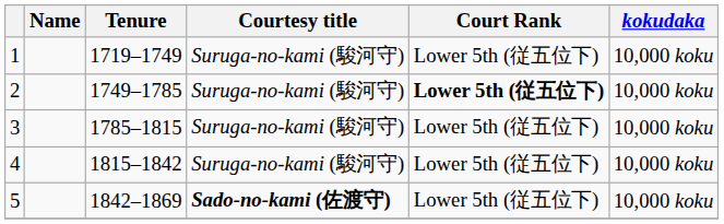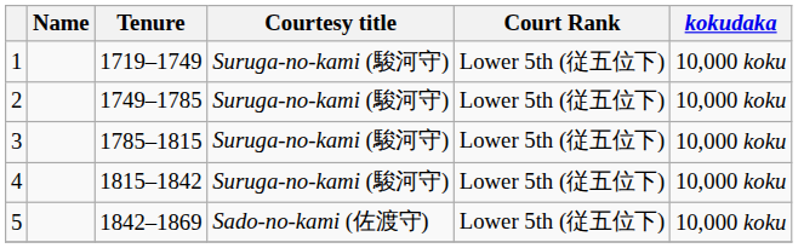 <table class=wikitable>
 <tr>
 <th></th>
 <th>Name</th>
 <th>Tenure</th>
 <th>Courtesy title</th>
 <th>Court Rank</th>
 <th><em><a href='#'>kokudaka</a></em></th>
 </tr>
 <tr>
 <td>1</td>
 <td></td>
 <td>1719–1749</td>
 <td><em>Suruga-no-kami</em> (駿河守)</td>
 <td>Lower 5th (従五位下)</td>
 <td>10,000 <em>koku</em></td>
 </tr>
 <tr>
 <td>2</td>
 <td></td>
 <td>1749–1785</td>
 <td><em>Suruga-no-kami</em> (駿河守)</td>
-<td><strong>Lower 5th (従五位下)</strong></td>
+<td>Lower 5th (従五位下)</td>
 <td>10,000 <em>koku</em></td>
 </tr>
 <tr>
 <td>3</td>
 <td></td>
 <td>1785–1815</td>
 <td><em>Suruga-no-kami</em> (駿河守)</td>
 <td>Lower 5th (従五位下)</td>
 <td>10,000 <em>koku</em></td>
 </tr>
 <tr>
 <td>4</td>
 <td></td>
 <td>1815–1842</td>
 <td><em>Suruga-no-kami</em> (駿河守)</td>
 <td>Lower 5th (従五位下)</td>
 <td>10,000 <em>koku</em></td>
 </tr>
 <tr>
 <td>5</td>
 <td></td>
 <td>1842–1869</td>
-<td><strong><em>Sado-no-kami</em> (佐渡守)</strong></td>
+<td><em>Sado-no-kami</em> (佐渡守)</td>
 <td>Lower 5th (従五位下)</td>
 <td>10,000 <em>koku</em></td>
 </tr>
 <tr>
 </tr>
 </table>
